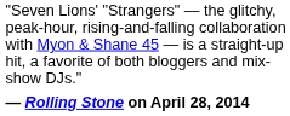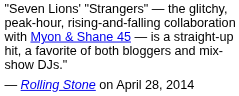 <table class="toccolours" style="float: right; margin-left: 1em; margin-right: 2em; font-size: 85%; background:offwhite; color:black; width:20em; max-width: 40%;" cellspacing="5">
 <tr>
 <td style="text-align: left;">"Seven Lions' "Strangers" — the glitchy, peak-hour, rising-and-falling collaboration with <a href='#'>Myon & Shane 45</a> — is a straight-up hit, a favorite of both bloggers and mix-show DJs."</td>
 </tr>
 <tr>
-<td style="text-align: left;"><strong>— <em><a href='#'>Rolling Stone</a></em> on April 28, 2014</strong></td>
+<td style="text-align: left;">— <em><a href='#'>Rolling Stone</a></em> on April 28, 2014</td>
 </tr>
 </table>
